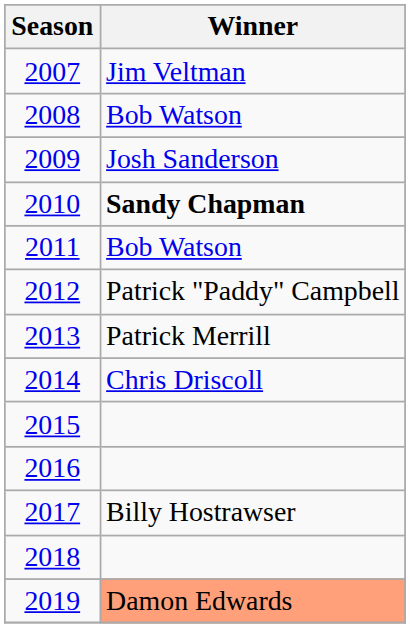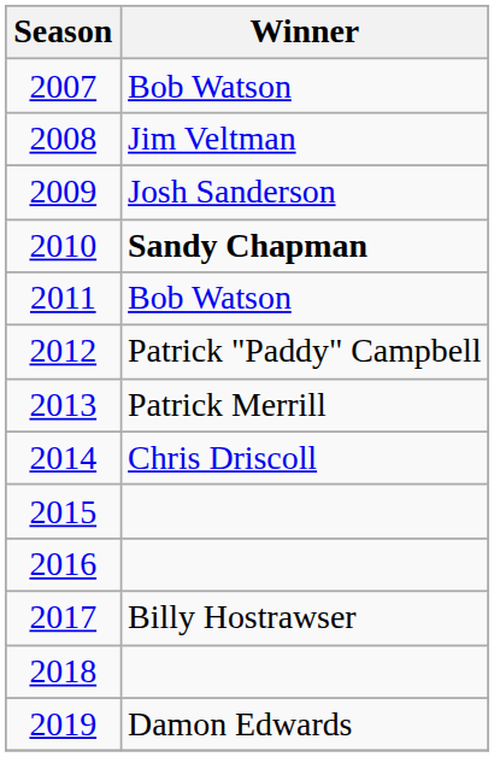 <table class="wikitable">
 <tr>
 <th>Season</th>
 <th>Winner</th>
 </tr>
 <tr>
 <td align="center"><a href='#'>2007</a></td>
-<td><a href='#'>Jim Veltman</a></td>
+<td><a href='#'>Bob Watson</a></td>
 </tr>
 <tr>
 <td align="center"><a href='#'>2008</a></td>
-<td><a href='#'>Bob Watson</a></td>
+<td><a href='#'>Jim Veltman</a></td>
 </tr>
 <tr>
 <td align="center"><a href='#'>2009</a></td>
 <td><a href='#'>Josh Sanderson</a></td>
 </tr>
 <tr>
 <td align="center"><a href='#'>2010</a></td>
 <td><strong>Sandy Chapman</strong></td>
 </tr>
 <tr>
 <td align="center"><a href='#'>2011</a></td>
 <td><a href='#'>Bob Watson</a></td>
 </tr>
 <tr>
 <td align="center"><a href='#'>2012</a></td>
 <td>Patrick "Paddy" Campbell</td>
 </tr>
 <tr>
 <td align="center"><a href='#'>2013</a></td>
 <td>Patrick Merrill</td>
 </tr>
 <tr>
 <td align="center"><a href='#'>2014</a></td>
 <td><a href='#'>Chris Driscoll</a></td>
 </tr>
 <tr>
 <td align="center"><a href='#'>2015</a></td>
 <td></td>
 </tr>
 <tr>
 <td align="center"><a href='#'>2016</a></td>
 <td></td>
 </tr>
 <tr>
 <td align="center"><a href='#'>2017</a></td>
 <td>Billy Hostrawser</td>
 </tr>
 <tr>
 <td align="center"><a href='#'>2018</a></td>
 <td></td>
 </tr>
 <tr>
 <td align="center"><a href='#'>2019</a></td>
-<td style="background: lightsalmon;">Damon Edwards</td>
+<td>Damon Edwards</td>
 </tr>
 <tr>
 </tr>
 </table>
